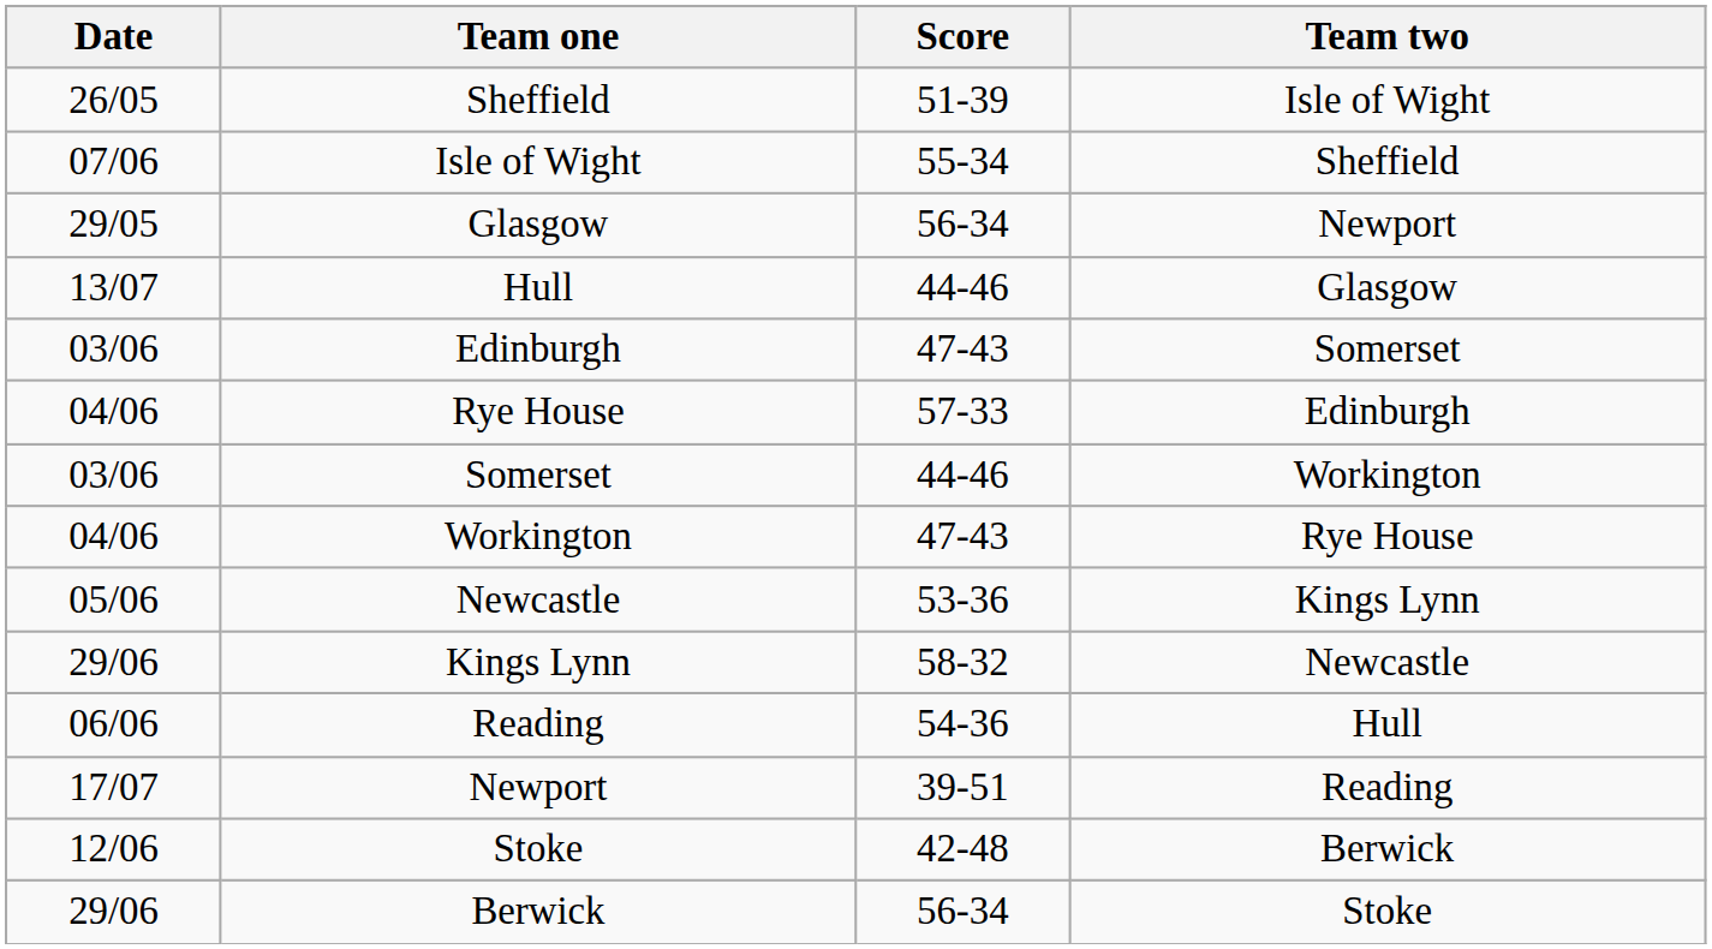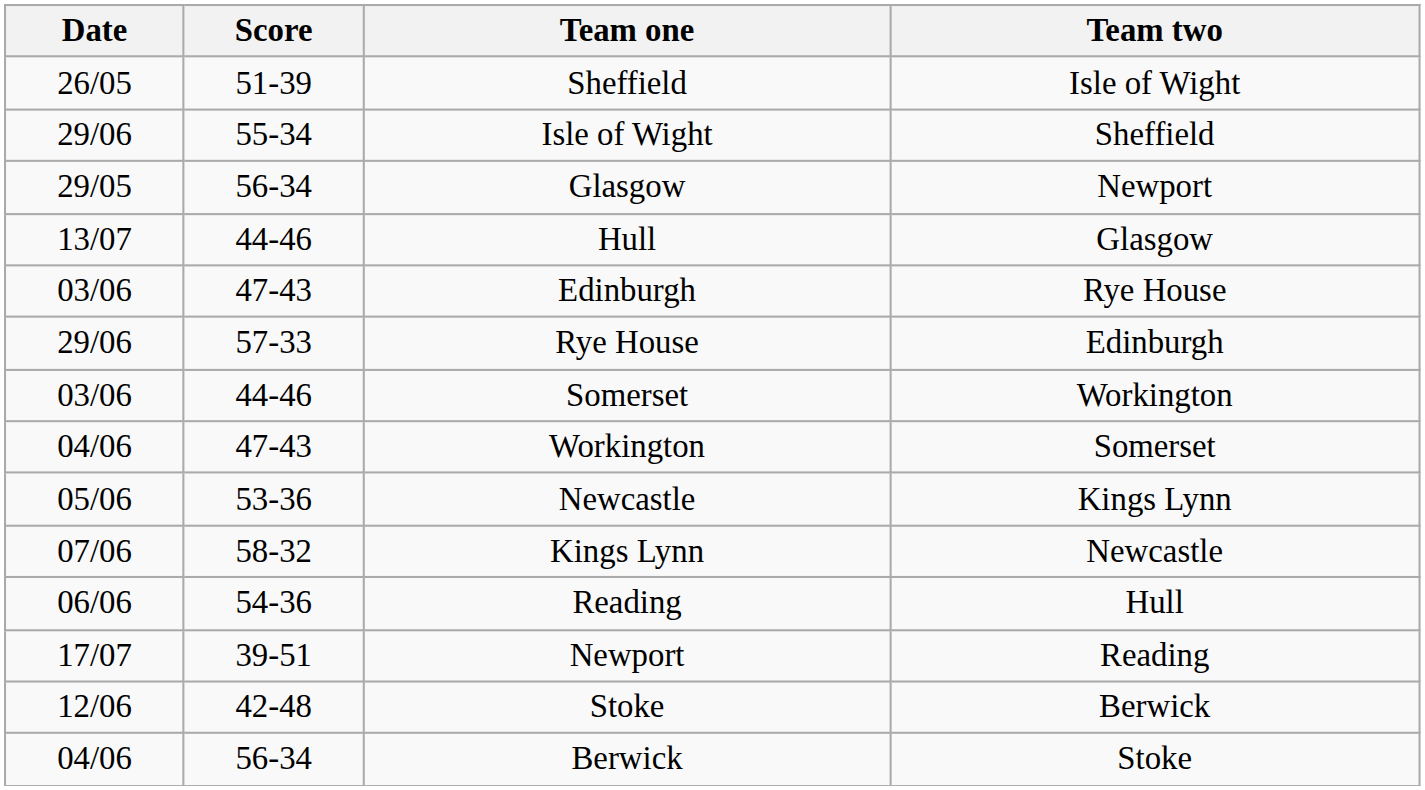 <table class="wikitable" style="text-align: center">
 <tr>
 <th width=80>Date</th>
+<th width=80>Score</th>
 <th width=250>Team one</th>
-<th width=80>Score</th>
 <th width=250>Team two</th>
 </tr>
 <tr>
 <td>26/05</td>
+<td>51-39</td>
 <td>Sheffield</td>
-<td>51-39</td>
 <td>Isle of Wight</td>
 </tr>
 <tr>
-<td>07/06</td>
+<td>29/06</td>
+<td>55-34</td>
 <td>Isle of Wight</td>
-<td>55-34</td>
 <td>Sheffield</td>
 </tr>
 <tr>
 <td>29/05</td>
+<td>56-34</td>
 <td>Glasgow</td>
-<td>56-34</td>
 <td>Newport</td>
 </tr>
 <tr>
 <td>13/07</td>
+<td>44-46</td>
 <td>Hull</td>
-<td>44-46</td>
 <td>Glasgow</td>
 </tr>
 <tr>
 <td>03/06</td>
+<td>47-43</td>
 <td>Edinburgh</td>
-<td>47-43</td>
-<td>Somerset</td>
+<td>Rye House</td>
 </tr>
 <tr>
-<td>04/06</td>
+<td>29/06</td>
+<td>57-33</td>
 <td>Rye House</td>
-<td>57-33</td>
 <td>Edinburgh</td>
 </tr>
 <tr>
 <td>03/06</td>
+<td>44-46</td>
 <td>Somerset</td>
-<td>44-46</td>
 <td>Workington</td>
 </tr>
 <tr>
 <td>04/06</td>
+<td>47-43</td>
 <td>Workington</td>
-<td>47-43</td>
-<td>Rye House</td>
+<td>Somerset</td>
 </tr>
 <tr>
 <td>05/06</td>
+<td>53-36</td>
 <td>Newcastle</td>
-<td>53-36</td>
 <td>Kings Lynn</td>
 </tr>
 <tr>
-<td>29/06</td>
+<td>07/06</td>
+<td>58-32</td>
 <td>Kings Lynn</td>
-<td>58-32</td>
 <td>Newcastle</td>
 </tr>
 <tr>
 <td>06/06</td>
+<td>54-36</td>
 <td>Reading</td>
-<td>54-36</td>
 <td>Hull</td>
 </tr>
 <tr>
 <td>17/07</td>
+<td>39-51</td>
 <td>Newport</td>
-<td>39-51</td>
 <td>Reading</td>
 </tr>
 <tr>
 <td>12/06</td>
+<td>42-48</td>
 <td>Stoke</td>
-<td>42-48</td>
 <td>Berwick</td>
 </tr>
 <tr>
-<td>29/06</td>
+<td>04/06</td>
+<td>56-34</td>
 <td>Berwick</td>
-<td>56-34</td>
 <td>Stoke</td>
 </tr>
 </table>
